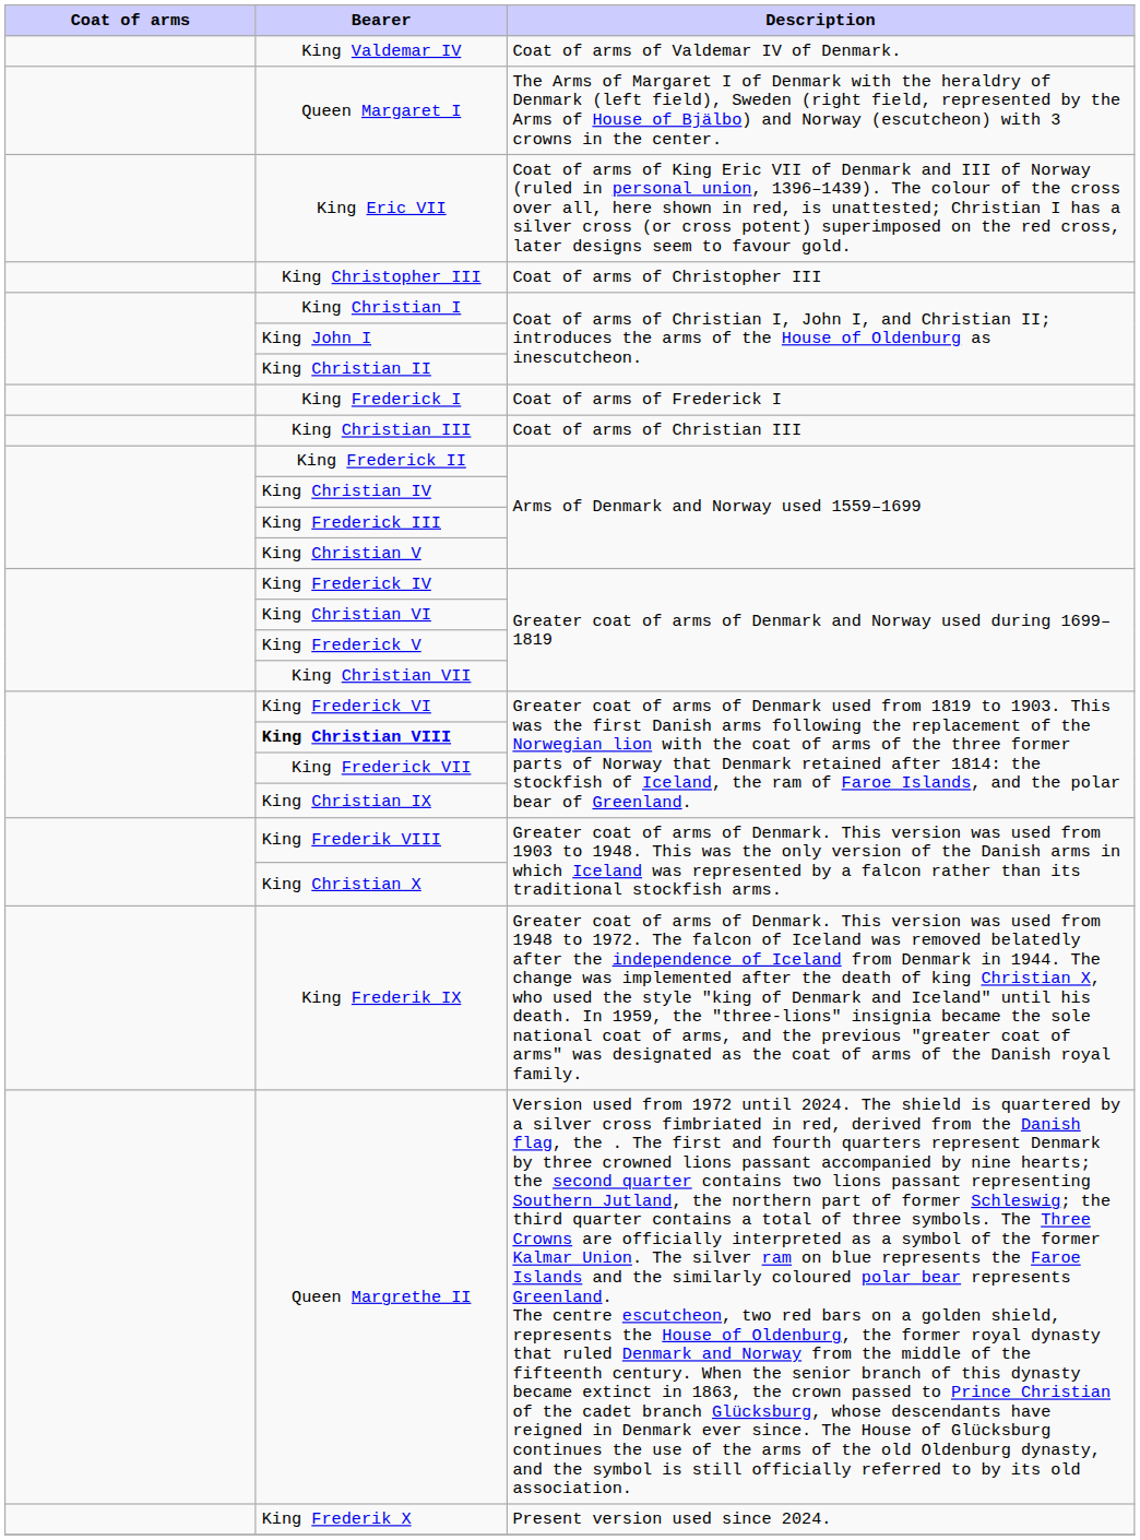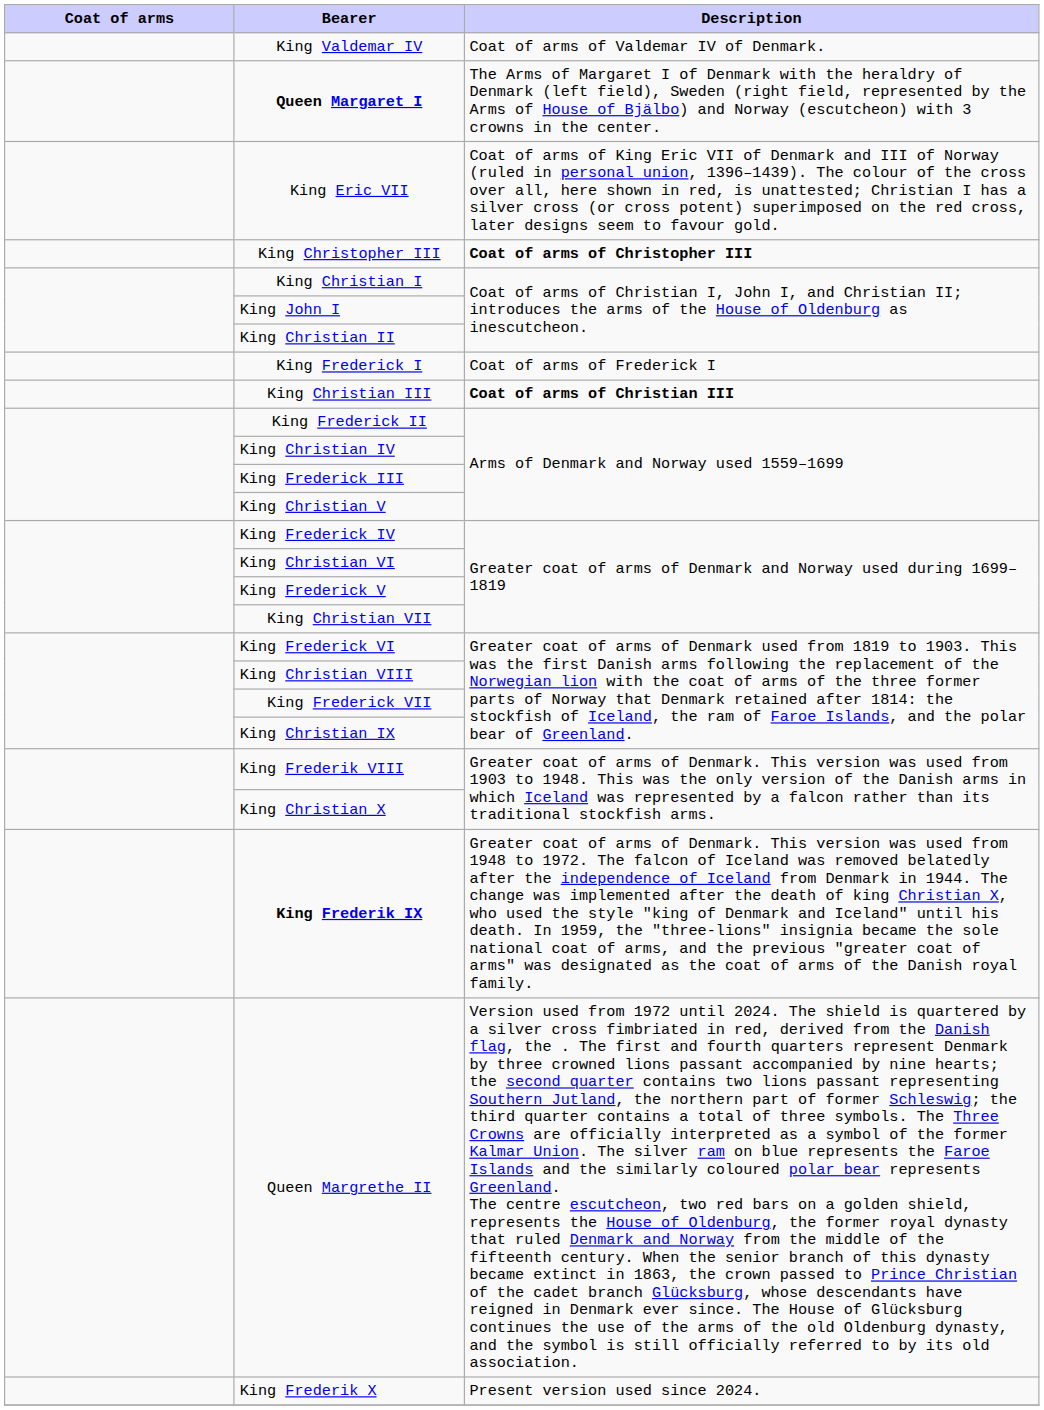 <table width = "70%" border = 1 border="1" cellpadding="4" cellspacing="0" style="margin: 0.5em 1em 0.5em 0; background: #f9f9f9; border: 1px #aaa solid; border-collapse: collapse;">
 <tr>
 <th bgcolor = "#ccccff" width = "20%">Coat of arms</th>
 <th bgcolor = "#ccccff" width = "20%">Bearer</th>
 <th bgcolor = "#ccccff" width = "50%">Description</th>
 </tr>
 <tr>
 <td align="center"></td>
 <td align="center">King <a href='#'>Valdemar IV</a><br></td>
 <td>Coat of arms of Valdemar IV of Denmark.</td>
 </tr>
 <tr>
 <td align="center"></td>
-<td align="center">Queen <a href='#'>Margaret I</a><br></td>
+<td align="center"><strong>Queen <a href='#'>Margaret I</a><br></strong></td>
 <td>The Arms of Margaret I of Denmark with the heraldry of Denmark (left field), Sweden (right field, represented by the Arms of <a href='#'>House of Bjälbo</a>) and Norway (escutcheon) with 3 crowns in the center.</td>
 </tr>
 <tr>
 <td align="center"></td>
 <td align="center">King <a href='#'>Eric VII</a><br></td>
 <td>Coat of arms of King Eric VII of Denmark and III of Norway (ruled in <a href='#'>personal union</a>, 1396–1439). The colour of the cross over all, here shown in red, is unattested; Christian I has a silver cross (or cross potent) superimposed on the red cross, later designs seem to favour gold.</td>
 </tr>
 <tr>
 <td align="center"></td>
 <td align="center">King <a href='#'>Christopher III</a><br></td>
-<td>Coat of arms of Christopher III</td>
+<td><strong>Coat of arms of Christopher III</strong></td>
 </tr>
 <tr>
 <td rowspan="3" align="center"></td>
 <td align="center">King <a href='#'>Christian I</a></td>
 <td rowspan="3">Coat of arms of Christian I, John I, and Christian II; introduces the arms of the <a href='#'>House of Oldenburg</a> as inescutcheon.</td>
 </tr>
 <tr>
 <td>King <a href='#'>John I</a></td>
 </tr>
 <tr>
 <td>King <a href='#'>Christian II</a></td>
 </tr>
 <tr>
 <td align="center"></td>
 <td align="center">King <a href='#'>Frederick I</a><br></td>
 <td>Coat of arms of Frederick I</td>
 </tr>
 <tr>
 <td align="center"></td>
 <td align="center">King <a href='#'>Christian III</a><br></td>
-<td>Coat of arms of Christian III</td>
+<td><strong>Coat of arms of Christian III</strong></td>
 </tr>
 <tr>
 <td rowspan="4" align="center"></td>
 <td align="center">King <a href='#'>Frederick II</a><br></td>
 <td rowspan="4">Arms of Denmark and Norway used 1559–1699</td>
 </tr>
 <tr>
 <td>King <a href='#'>Christian IV</a></td>
 </tr>
 <tr>
 <td>King <a href='#'>Frederick III</a></td>
 </tr>
 <tr>
 <td>King <a href='#'>Christian V</a></td>
 </tr>
 <tr>
 <td rowspan="4"></td>
 <td>King <a href='#'>Frederick IV</a></td>
 <td rowspan="4">Greater coat of arms of Denmark and Norway used during 1699–1819</td>
 </tr>
 <tr>
 <td>King <a href='#'>Christian VI</a></td>
 </tr>
 <tr>
 <td>King <a href='#'>Frederick V</a></td>
 </tr>
 <tr>
 <td align="center">King <a href='#'>Christian VII</a></td>
 </tr>
 <tr>
 <td rowspan="4"></td>
 <td>King <a href='#'>Frederick VI</a></td>
 <td rowspan="4">Greater coat of arms of Denmark used from 1819 to 1903. This was the first Danish arms following the replacement of the <a href='#'>Norwegian lion</a> with the coat of arms of the three former parts of Norway that Denmark retained after 1814: the stockfish of <a href='#'>Iceland</a>, the ram of <a href='#'>Faroe Islands</a>, and the polar bear of <a href='#'>Greenland</a>.</td>
 </tr>
 <tr>
-<td><strong>King <a href='#'>Christian VIII</a></strong></td>
+<td>King <a href='#'>Christian VIII</a></td>
 </tr>
 <tr>
 <td align="center">King <a href='#'>Frederick VII</a></td>
 </tr>
 <tr>
 <td rowspan="2">King <a href='#'>Christian IX</a></td>
 </tr>
 <tr>
 <td rowspan="3"></td>
 <td rowspan="3">Greater coat of arms of Denmark. This version was used from 1903 to 1948. This was the only version of the Danish arms in which <a href='#'>Iceland</a> was represented by a falcon rather than its traditional stockfish arms.</td>
 </tr>
 <tr>
 <td>King <a href='#'>Frederik VIII</a></td>
 </tr>
 <tr>
 <td>King <a href='#'>Christian X</a></td>
 </tr>
 <tr>
 <td align="center"></td>
-<td align="center">King <a href='#'>Frederik IX</a></td>
+<td align="center"><strong>King <a href='#'>Frederik IX</a></strong></td>
 <td>Greater coat of arms of Denmark. This version was used from 1948 to 1972. The falcon of Iceland was removed belatedly after the <a href='#'>independence of Iceland</a> from Denmark in 1944. The change was implemented after the death of king <a href='#'>Christian X</a>, who used the style "king of Denmark and Iceland" until his death. In 1959, the "three-lions" insignia became the sole national coat of arms, and the previous "greater coat of arms" was designated as the coat of arms of the Danish royal family.</td>
 </tr>
 <tr>
 <td></td>
 <td align="center">Queen <a href='#'>Margrethe II</a></td>
 <td>Version used from 1972 until 2024. The shield is quartered by a silver cross fimbriated in red, derived from the <a href='#'>Danish flag</a>, the . The first and fourth quarters represent Denmark by three crowned lions passant accompanied by nine hearts; the <a href='#'>second quarter</a> contains two lions passant representing <a href='#'>Southern Jutland</a>, the northern part of former <a href='#'>Schleswig</a>; the third quarter contains a total of three symbols. The <a href='#'>Three Crowns</a> are officially interpreted as a symbol of the former <a href='#'>Kalmar Union</a>. The silver <a href='#'>ram</a> on blue represents the <a href='#'>Faroe Islands</a> and the similarly coloured <a href='#'>polar bear</a> represents <a href='#'>Greenland</a>.<br>The centre <a href='#'>escutcheon</a>, two red bars on a golden shield, represents the <a href='#'>House of Oldenburg</a>, the former royal dynasty that ruled <a href='#'>Denmark and Norway</a> from the middle of the fifteenth century. When the senior branch of this dynasty became extinct in 1863, the crown passed to <a href='#'>Prince Christian</a> of the cadet branch <a href='#'>Glücksburg</a>, whose descendants have reigned in Denmark ever since. The House of Glücksburg continues the use of the arms of the old Oldenburg dynasty, and the symbol is still officially referred to by its old association.</td>
 </tr>
 <tr>
 <td></td>
 <td>King <a href='#'>Frederik X</a></td>
 <td>Present version used since 2024.</td>
 </tr>
 <tr>
 </tr>
 </table>
